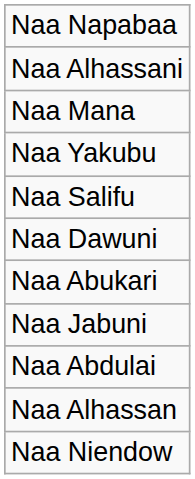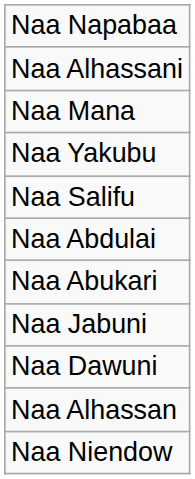 <table class="wikitable">
 <tr>
 <td>Naa Napabaa</td>
 </tr>
 <tr>
 <td>Naa Alhassani</td>
 </tr>
 <tr>
 <td>Naa Mana</td>
 </tr>
 <tr>
 <td>Naa Yakubu</td>
 </tr>
 <tr>
 <td>Naa Salifu</td>
 </tr>
 <tr>
-<td>Naa Dawuni</td>
+<td>Naa Abdulai</td>
 </tr>
 <tr>
 <td>Naa Abukari</td>
 </tr>
 <tr>
 <td>Naa Jabuni</td>
 </tr>
 <tr>
-<td>Naa Abdulai</td>
+<td>Naa Dawuni</td>
 </tr>
 <tr>
 <td>Naa Alhassan</td>
 </tr>
 <tr>
 <td>Naa Niendow</td>
 </tr>
 </table>
